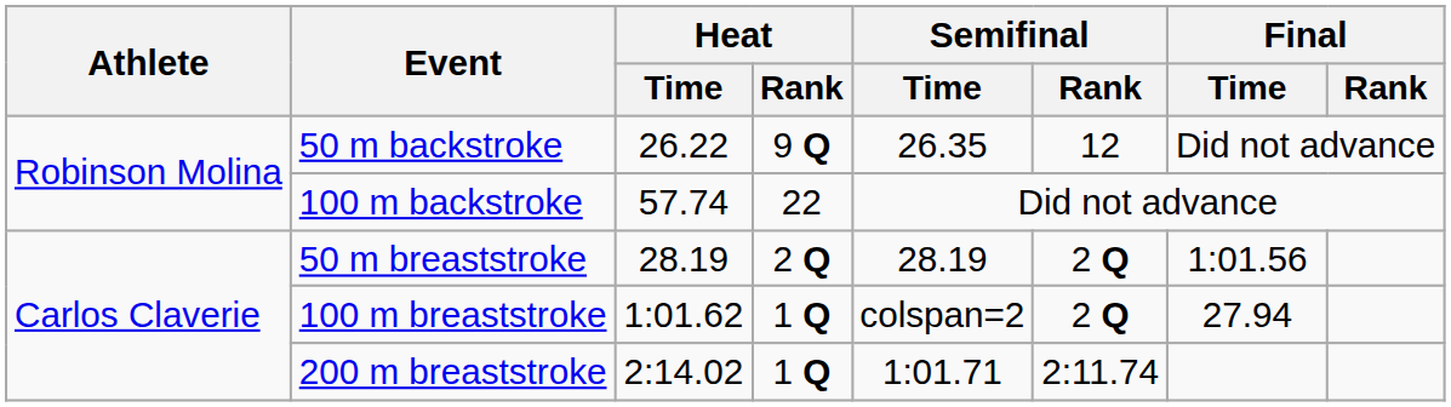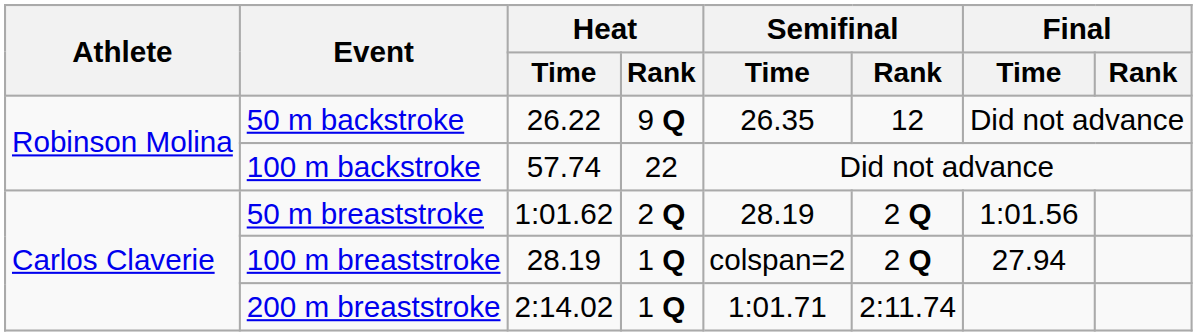 <table class=wikitable style="font-size:90%">
 <tr>
 <th rowspan=2>Athlete</th>
 <th rowspan=2>Event</th>
 <th colspan="2">Heat</th>
 <th colspan="2">Semifinal</th>
 <th colspan="2">Final</th>
 </tr>
 <tr style="font-size:95%">
 <th>Time</th>
 <th>Rank</th>
 <th>Time</th>
 <th>Rank</th>
 <th>Time</th>
 <th>Rank</th>
 </tr>
 <tr align=center>
 <td align=left rowspan=2><a href='#'>Robinson Molina</a></td>
 <td align=left><a href='#'>50 m backstroke</a></td>
 <td>26.22</td>
 <td>9 <strong>Q</strong></td>
 <td>26.35</td>
 <td>12</td>
 <td colspan=2>Did not advance</td>
 </tr>
 <tr align=center>
 <td align=left><a href='#'>100 m backstroke</a></td>
 <td>57.74</td>
 <td>22</td>
 <td colspan=4>Did not advance</td>
 </tr>
 <tr align=center>
 <td align=left rowspan=3><a href='#'>Carlos Claverie</a></td>
 <td align=left><a href='#'>50 m breaststroke</a></td>
-<td>28.19</td>
+<td>1:01.62</td>
 <td>2 <strong>Q</strong></td>
 <td>28.19</td>
 <td>2 <strong>Q</strong></td>
 <td>1:01.56</td>
 <td></td>
 </tr>
 <tr align=center>
 <td align=left><a href='#'>100 m breaststroke</a></td>
-<td>1:01.62</td>
+<td>28.19</td>
 <td>1 <strong>Q</strong></td>
 <td>colspan=2 </td>
 <td>2 <strong>Q</strong></td>
 <td>27.94</td>
 <td></td>
 </tr>
 <tr align=center>
 <td align=left><a href='#'>200 m breaststroke</a></td>
 <td>2:14.02</td>
 <td>1 <strong>Q</strong></td>
 <td>1:01.71</td>
 <td>2:11.74</td>
 <td></td>
 </tr>
 </table>
